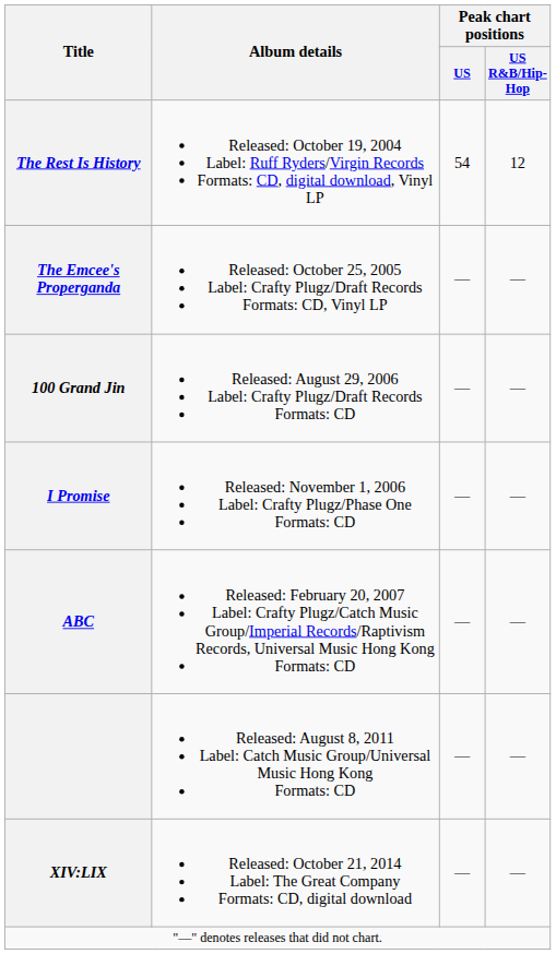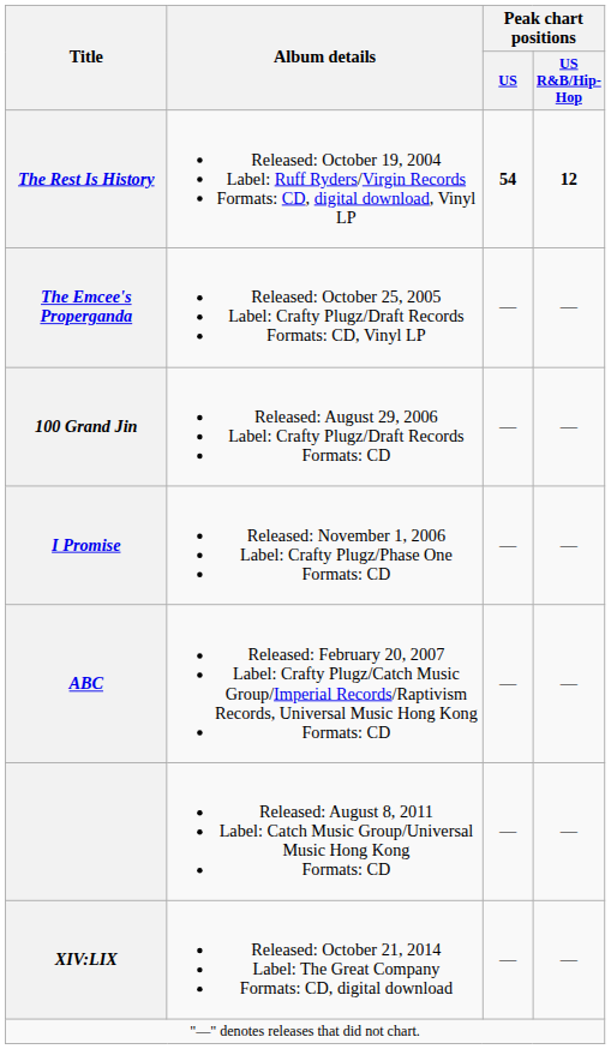 <table class="wikitable plainrowheaders" style="text-align:center;" border="1">
 <tr>
 <th scope="col" rowspan="2" style="width:9em;">Title</th>
 <th scope="col" rowspan="2" style="width:18em;">Album details</th>
 <th scope="col" colspan="2">Peak chart positions</th>
 </tr>
 <tr>
 <th scope="col" style="width:3em;font-size:85%;"><a href='#'>US</a><br></th>
 <th scope="col" style="width:3em;font-size:85%;"><a href='#'>US R&B/Hip-Hop</a><br></th>
 </tr>
 <tr>
 <th scope="row"><em><a href='#'>The Rest Is History</a></em></th>
 <td><br><ul><li>Released: October 19, 2004</li><li>Label: <a href='#'>Ruff Ryders</a>/<a href='#'>Virgin Records</a></li><li>Formats: <a href='#'>CD</a>, <a href='#'>digital download</a>, Vinyl LP</li></ul></td>
-<td>54</td>
-<td>12</td>
+<td><strong>54</strong></td>
+<td><strong>12</strong></td>
 </tr>
 <tr>
 <th scope="row"><em><a href='#'>The Emcee's Properganda</a></em></th>
 <td><br><ul><li>Released: October 25, 2005</li><li>Label: Crafty Plugz/Draft Records</li><li>Formats: CD, Vinyl LP</li></ul></td>
 <td>—</td>
 <td>—</td>
 </tr>
 <tr>
 <th scope="row"><em>100 Grand Jin</em></th>
 <td><br><ul><li>Released: August 29, 2006</li><li>Label: Crafty Plugz/Draft Records</li><li>Formats: CD</li></ul></td>
 <td>—</td>
 <td>—</td>
 </tr>
 <tr>
 <th scope="row"><em><a href='#'>I Promise</a></em></th>
 <td><br><ul><li>Released: November 1, 2006</li><li>Label: Crafty Plugz/Phase One</li><li>Formats: CD</li></ul></td>
 <td>—</td>
 <td>—</td>
 </tr>
 <tr>
 <th scope="row"><em><a href='#'>ABC</a></em></th>
 <td><br><ul><li>Released: February 20, 2007</li><li>Label: Crafty Plugz/Catch Music Group/<a href='#'>Imperial Records</a>/Raptivism Records, Universal Music Hong Kong</li><li>Formats: CD</li></ul></td>
 <td>—</td>
 <td>—</td>
 </tr>
 <tr>
 <th scope="row"></th>
 <td><br><ul><li>Released: August 8, 2011</li><li>Label: Catch Music Group/Universal Music Hong Kong</li><li>Formats: CD</li></ul></td>
 <td>—</td>
 <td>—</td>
 </tr>
 <tr>
 <th scope="row"><em>XIV:LIX</em></th>
 <td><br><ul><li>Released: October 21, 2014</li><li>Label: The Great Company</li><li>Formats: CD, digital download</li></ul></td>
 <td>—</td>
 <td>—</td>
 </tr>
 <tr>
 <td colspan="7" style="font-size:85%">"—" denotes releases that did not chart.</td>
 </tr>
 </table>
